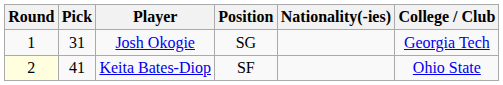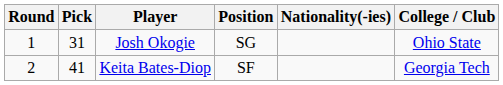 <table class="wikitable sortable sortable">
 <tr>
 <th>Round</th>
 <th>Pick</th>
 <th>Player</th>
 <th>Position</th>
 <th>Nationality(-ies)</th>
 <th>College / Club</th>
 </tr>
 <tr style="text-align: center">
 <td>1</td>
 <td>31</td>
 <td><a href='#'>Josh Okogie</a></td>
 <td>SG</td>
 <td><br></td>
-<td><a href='#'>Georgia Tech</a></td>
+<td><a href='#'>Ohio State</a></td>
 </tr>
 <tr style="text-align: center">
-<td style="background: lightyellow;">2</td>
+<td>2</td>
 <td>41</td>
 <td><a href='#'>Keita Bates-Diop</a></td>
 <td>SF</td>
 <td></td>
-<td><a href='#'>Ohio State</a></td>
+<td><a href='#'>Georgia Tech</a></td>
 </tr>
 </table>
